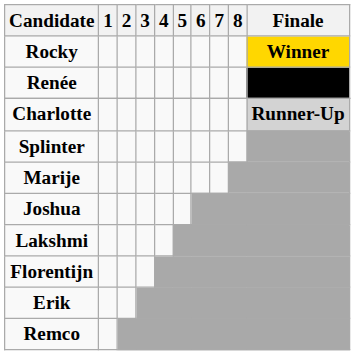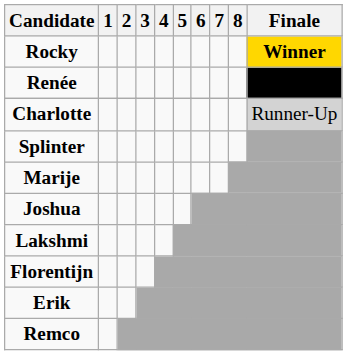 <table class="wikitable" border="2" class="wikitable" style="text-align:center;font-size:96%">
 <tr>
 <th>Candidate</th>
 <th>1</th>
 <th>2</th>
 <th>3</th>
 <th>4</th>
 <th>5</th>
 <th>6</th>
 <th>7</th>
 <th>8</th>
 <th>Finale</th>
 </tr>
 <tr>
 <td><strong>Rocky</strong></td>
 <td></td>
 <td></td>
 <td></td>
 <td></td>
 <td></td>
 <td></td>
 <td></td>
 <td></td>
 <td bgcolor="gold"><strong>Winner</strong></td>
 </tr>
 <tr>
 <td><strong>Renée</strong></td>
 <td></td>
 <td></td>
 <td></td>
 <td></td>
 <td></td>
 <td></td>
 <td></td>
 <td></td>
 <td bgcolor=black></td>
 </tr>
 <tr>
 </tr>
 <tr>
 <td><strong>Charlotte</strong></td>
 <td></td>
 <td></td>
 <td></td>
 <td></td>
 <td></td>
 <td></td>
 <td></td>
 <td></td>
-<td bgcolor="lightgrey"><strong>Runner-Up</strong></td>
+<td bgcolor="lightgrey">Runner-Up</td>
 </tr>
 <tr>
 <td><strong>Splinter</strong></td>
 <td></td>
 <td></td>
 <td></td>
 <td></td>
 <td></td>
 <td></td>
 <td></td>
 <td></td>
 <td colspan=2 bgcolor="darkgray"></td>
 </tr>
 <tr>
 <td><strong>Marije</strong></td>
 <td></td>
 <td></td>
 <td></td>
 <td></td>
 <td></td>
 <td></td>
 <td></td>
 <td colspan=3 bgcolor="darkgray"></td>
 </tr>
 <tr>
 <td><strong>Joshua</strong></td>
 <td></td>
 <td></td>
 <td></td>
 <td></td>
 <td></td>
 <td colspan=4 bgcolor="darkgray"></td>
 </tr>
 <tr>
 <td><strong>Lakshmi</strong></td>
 <td></td>
 <td></td>
 <td></td>
 <td></td>
 <td colspan=5 bgcolor="darkgray"></td>
 </tr>
 <tr>
 <td><strong>Florentijn</strong></td>
 <td></td>
 <td></td>
 <td></td>
 <td colspan=6 bgcolor="darkgray"></td>
 </tr>
 <tr>
 <td><strong>Erik</strong></td>
 <td></td>
 <td></td>
 <td colspan=7 bgcolor="darkgray"></td>
 </tr>
 <tr>
 <td><strong>Remco</strong></td>
 <td></td>
 <td colspan=8 bgcolor="darkgray"></td>
 </tr>
 </table>
